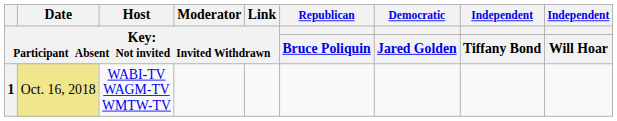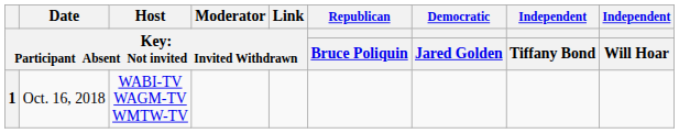 <table class="wikitable" style="text-align:center;">
 <tr>
 <th scope="col"></th>
 <th scope="col">Date</th>
 <th scope="col">Host</th>
 <th scope="col">Moderator</th>
 <th scope="col">Link</th>
 <th scope="col"><small><a href='#'>Republican</a></small></th>
 <th scope="col"><small><a href='#'>Democratic</a></small></th>
 <th scope="col"><small><a href='#'>Independent</a></small></th>
 <th scope="col"><small><a href='#'>Independent</a></small></th>
 </tr>
 <tr>
 <th colspan="5" rowspan="2">Key:<br> <small>Participant </small>  <small>Absent </small>  <small>Not invited </small>  <small>Invited  Withdrawn</small></th>
 <th scope="col" style="background:"></th>
 <th scope="col" style="background:"></th>
 <th scope="col" style="background:"></th>
 <th scope="col" style="background:"></th>
 </tr>
 <tr>
 <th scope="col"><a href='#'>Bruce Poliquin</a></th>
 <th scope="col"><a href='#'>Jared Golden</a></th>
 <th scope="col">Tiffany Bond</th>
 <th scope="col">Will Hoar</th>
 </tr>
 <tr>
 <th>1</th>
-<td style="background: khaki; white-space:nowrap;">Oct. 16, 2018</td>
+<td style="white-space:nowrap;">Oct. 16, 2018</td>
 <td style="white-space:nowrap;"><a href='#'>WABI-TV</a><br><a href='#'>WAGM-TV</a><br><a href='#'>WMTW-TV</a></td>
 <td style="white-space:nowrap;"></td>
 <td style="white-space:nowrap;"></td>
 <td></td>
 <td></td>
 <td></td>
 <td></td>
 </tr>
 </table>
